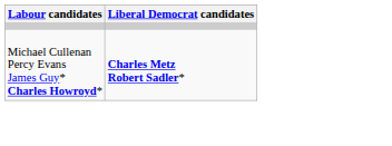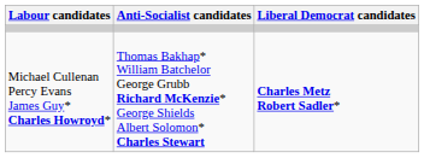 <table class="wikitable">
 <tr>
 <th><a href='#'>Labour</a> candidates</th>
+<th><a href='#'>Anti-Socialist</a> candidates</th>
 <th><a href='#'>Liberal Democrat</a> candidates</th>
 </tr>
 <tr bgcolor="#cccccc">
 <td></td>
 <td></td>
+<td></td>
 </tr>
 <tr>
 <td><br>Michael Cullenan<br> Percy Evans<br> <a href='#'>James Guy</a>*<br> <strong><a href='#'>Charles Howroyd</a></strong>*<br></td>
+<td><br><a href='#'>Thomas Bakhap</a>*<br> <a href='#'>William Batchelor</a><br> George Grubb<br> <strong><a href='#'>Richard McKenzie</a></strong>*<br> <a href='#'>George Shields</a><br> <a href='#'>Albert Solomon</a>*<br> <strong><a href='#'>Charles Stewart</a></strong></td>
 <td><br><strong><a href='#'>Charles Metz</a></strong><br> <strong><a href='#'>Robert Sadler</a></strong>*</td>
 </tr>
 </table>
